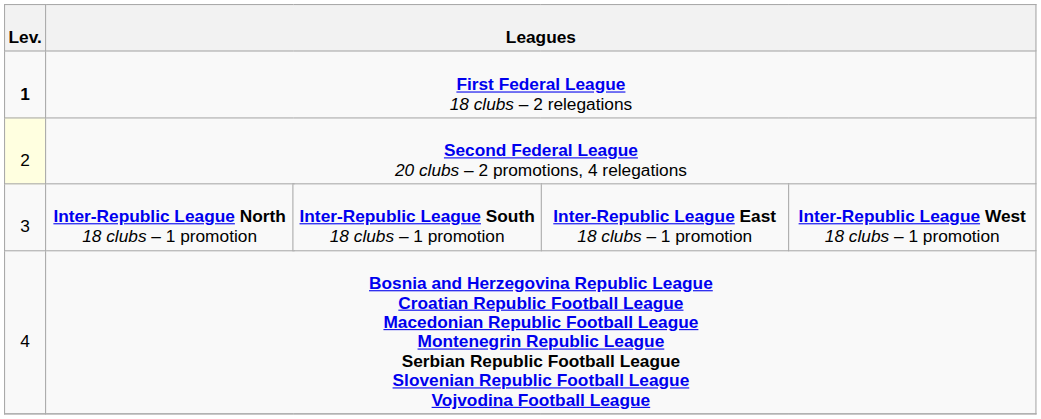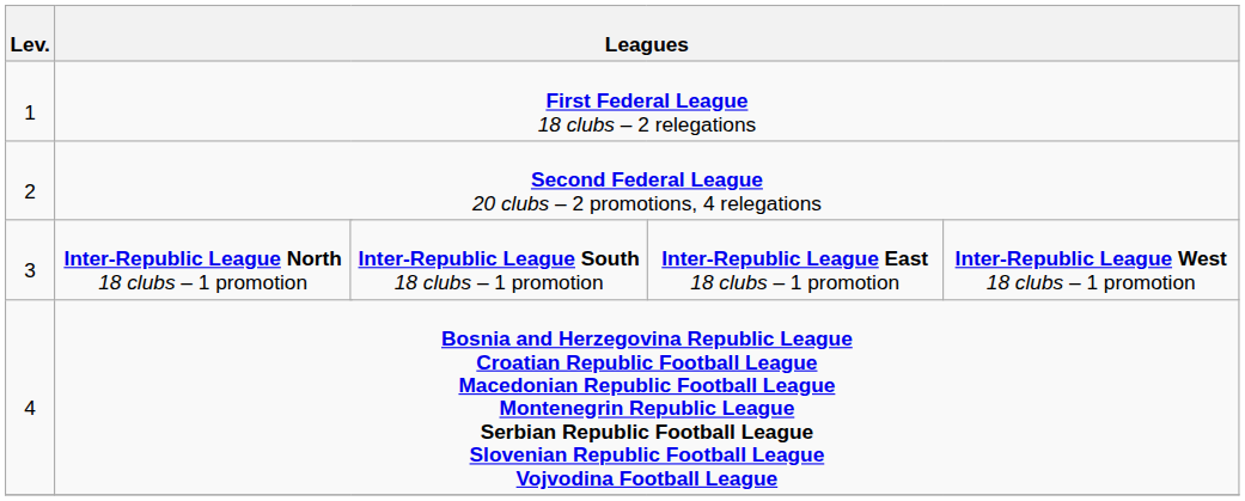 <table class="wikitable" style="text-align: center;">
 <tr>
 <th colspan="1" width="4%"><br>Lev.</th>
 <th colspan="8" width="96%"><br>Leagues</th>
 </tr>
 <tr>
-<td colspan="1" width="4%"><strong><br>1</strong></td>
+<td colspan="1" width="4%"><br>1</td>
 <td colspan="8" width="96%"><br><strong><a href='#'>First Federal League</a></strong><br> <em>18 clubs</em> – 2 relegations</td>
 </tr>
 <tr>
-<td colspan="1" width="4%" style="background: lightyellow;"><br>2</td>
+<td colspan="1" width="4%"><br>2</td>
 <td colspan="8" width="96%"><br><strong><a href='#'>Second Federal League</a></strong><br> <em>20 clubs</em> – 2 promotions, 4 relegations</td>
 </tr>
 <tr>
 <td colspan="1" width="4%"><br>3</td>
 <td colspan="2.5" width="24%"><br><strong><a href='#'>Inter-Republic League</a> North</strong><br> <em>18 clubs</em> – 1 promotion</td>
 <td colspan="2.5" width="24%"><br><strong><a href='#'>Inter-Republic League</a> South</strong><br> <em>18 clubs</em> – 1 promotion</td>
 <td colspan="2.5" width="24%"><br><strong><a href='#'>Inter-Republic League</a> East</strong><br> <em>18 clubs</em> – 1 promotion</td>
 <td colspan="2.5" width="24%"><br><strong><a href='#'>Inter-Republic League</a> West </strong><br> <em>18 clubs</em> – 1 promotion</td>
 </tr>
 <tr>
 <td colspan="1" width="4%"><br>4</td>
 <td colspan="8" width="96%"><br><strong><a href='#'>Bosnia and Herzegovina Republic League</a></strong><br> <strong><a href='#'>Croatian Republic Football League</a></strong><br> <strong><a href='#'>Macedonian Republic Football League</a></strong><br> <strong><a href='#'>Montenegrin Republic League</a></strong><br> <strong>Serbian Republic Football League</strong><br> <strong><a href='#'>Slovenian Republic Football League</a></strong><br> <strong><a href='#'>Vojvodina Football League</a></strong><br></td>
 </tr>
 <tr>
 </tr>
 </table>
